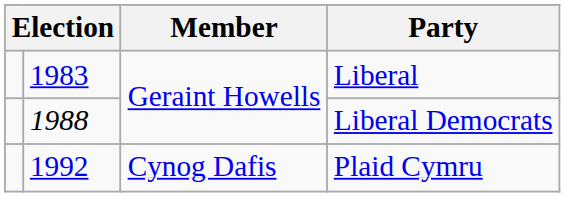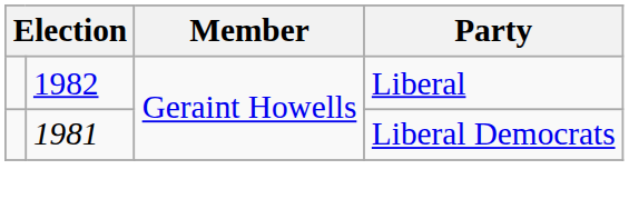 <table class="wikitable">
 <tr>
 <th colspan="2">Election</th>
 <th>Member</th>
 <th>Party</th>
 </tr>
 <tr>
 <td style="color:inherit;background-color: "></td>
-<td><a href='#'>1983</a></td>
+<td><a href='#'>1982</a></td>
 <td rowspan="2"><a href='#'>Geraint Howells</a></td>
 <td><a href='#'>Liberal</a></td>
 </tr>
 <tr>
 <td style="color:inherit;background-color: "></td>
-<td><em>1988</em></td>
+<td><em>1981</em></td>
 <td><a href='#'>Liberal Democrats</a></td>
 </tr>
-<tr>
-<td style="color:inherit;background-color: "></td>
-<td><a href='#'>1992</a></td>
-<td><a href='#'>Cynog Dafis</a></td>
-<td><a href='#'>Plaid Cymru</a></td>
-</tr>
 </table>
